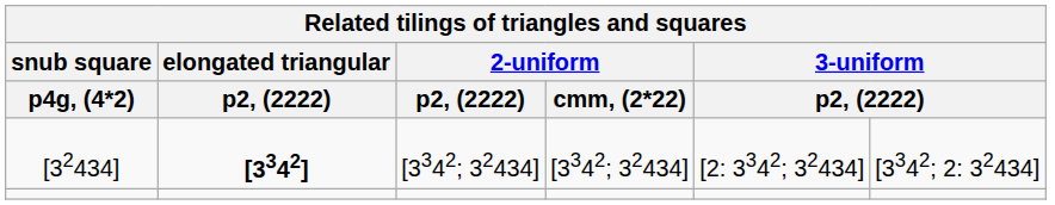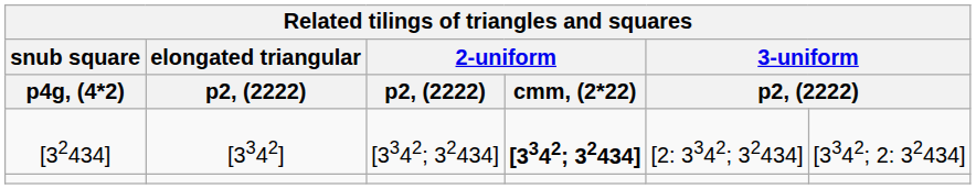 <table class="wikitable collapsible">
 <tr>
 <th colspan=6>Related tilings of triangles and squares</th>
 </tr>
 <tr>
 <th>snub square</th>
 <th>elongated triangular</th>
 <th colspan=2><a href='#'>2-uniform</a></th>
 <th colspan=3><a href='#'>3-uniform</a></th>
 </tr>
 <tr align=center>
 <th>p4g, (4*2)</th>
 <th>p2, (2222)</th>
 <th>p2, (2222)</th>
 <th>cmm, (2*22)</th>
 <th colspan=2>p2, (2222)</th>
 </tr>
 <tr align=center>
 <td><br>[3<sup>2</sup>434]</td>
-<td><strong><br>[3<sup>3</sup>4<sup>2</sup>]</strong></td>
+<td><br>[3<sup>3</sup>4<sup>2</sup>]</td>
 <td><br>[3<sup>3</sup>4<sup>2</sup>; 3<sup>2</sup>434]</td>
-<td><br>[3<sup>3</sup>4<sup>2</sup>; 3<sup>2</sup>434]</td>
+<td><strong><br>[3<sup>3</sup>4<sup>2</sup>; 3<sup>2</sup>434]</strong></td>
 <td><br>[2: 3<sup>3</sup>4<sup>2</sup>; 3<sup>2</sup>434]</td>
 <td><br>[3<sup>3</sup>4<sup>2</sup>; 2: 3<sup>2</sup>434]</td>
 </tr>
 <tr align=center>
 <td></td>
 <td></td>
 <td> </td>
 <td> </td>
 <td>  </td>
 <td>  </td>
 </tr>
 </table>
